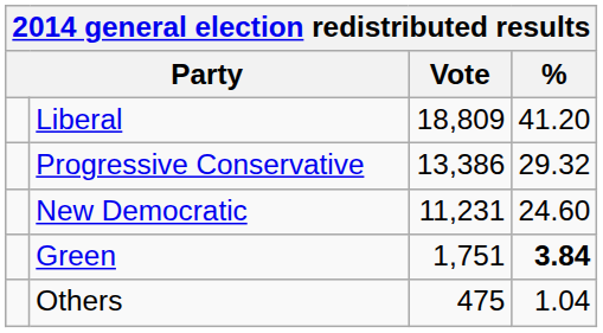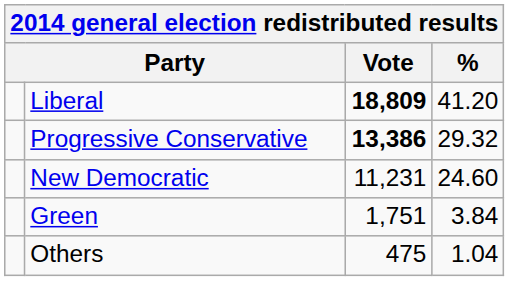 <table class="wikitable">
 <tr>
 <th colspan="4"><a href='#'>2014 general election</a> redistributed results</th>
 </tr>
 <tr>
 <th bgcolor="#DDDDFF" width="130px" colspan="2">Party</th>
 <th bgcolor="#DDDDFF" width="50px">Vote</th>
 <th bgcolor="#DDDDFF" width="30px">%</th>
 </tr>
 <tr>
 <td> </td>
 <td><a href='#'>Liberal</a></td>
-<td align=right>18,809</td>
+<td align=right><strong>18,809</strong></td>
 <td align=right>41.20</td>
 </tr>
 <tr>
 <td> </td>
 <td><a href='#'>Progressive Conservative</a></td>
-<td align=right>13,386</td>
+<td align=right><strong>13,386</strong></td>
 <td align=right>29.32</td>
 </tr>
 <tr>
 <td> </td>
 <td><a href='#'>New Democratic</a></td>
 <td align=right>11,231</td>
 <td align=right>24.60</td>
 </tr>
 <tr>
 <td> </td>
 <td><a href='#'>Green</a></td>
 <td align=right>1,751</td>
-<td align=right><strong>3.84</strong></td>
+<td align=right>3.84</td>
 </tr>
 <tr>
 <td> </td>
 <td>Others</td>
 <td align=right>475</td>
 <td align=right>1.04</td>
 </tr>
 </table>
